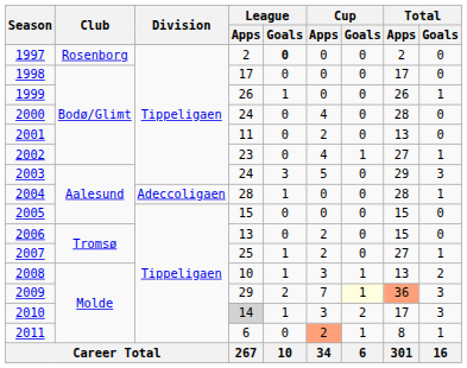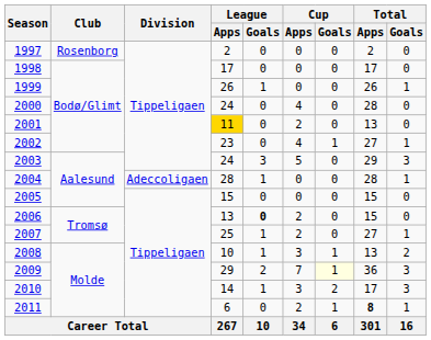 <table class="wikitable" style="text-align: center;">
 <tr>
 <th rowspan="2">Season</th>
 <th rowspan="2">Club</th>
 <th rowspan="2">Division</th>
 <th colspan="2">League</th>
 <th colspan="2">Cup</th>
 <th colspan="2">Total</th>
 </tr>
 <tr>
 <th>Apps</th>
 <th>Goals</th>
 <th>Apps</th>
 <th>Goals</th>
 <th>Apps</th>
 <th>Goals</th>
 </tr>
 <tr>
 <td><a href='#'>1997</a></td>
 <td rowspan="1" valign="center"><a href='#'>Rosenborg</a></td>
 <td rowspan="7" valign="center"><a href='#'>Tippeligaen</a></td>
 <td>2</td>
-<td><strong>0</strong></td>
+<td>0</td>
 <td>0</td>
 <td>0</td>
 <td>2</td>
 <td>0</td>
 </tr>
 <tr>
 <td><a href='#'>1998</a></td>
 <td rowspan="5" valign="center"><a href='#'>Bodø/Glimt</a></td>
 <td>17</td>
 <td>0</td>
 <td>0</td>
 <td>0</td>
 <td>17</td>
 <td>0</td>
 </tr>
 <tr>
 <td><a href='#'>1999</a></td>
 <td>26</td>
 <td>1</td>
 <td>0</td>
 <td>0</td>
 <td>26</td>
 <td>1</td>
 </tr>
 <tr>
 <td><a href='#'>2000</a></td>
 <td>24</td>
 <td>0</td>
 <td>4</td>
 <td>0</td>
 <td>28</td>
 <td>0</td>
 </tr>
 <tr>
 <td><a href='#'>2001</a></td>
-<td>11</td>
+<td style="background: gold;">11</td>
 <td>0</td>
 <td>2</td>
 <td>0</td>
 <td>13</td>
 <td>0</td>
 </tr>
 <tr>
 <td><a href='#'>2002</a></td>
 <td>23</td>
 <td>0</td>
 <td>4</td>
 <td>1</td>
 <td>27</td>
 <td>1</td>
 </tr>
 <tr>
 <td><a href='#'>2003</a></td>
 <td rowspan="3" valign="center"><a href='#'>Aalesund</a></td>
 <td>24</td>
 <td>3</td>
 <td>5</td>
 <td>0</td>
 <td>29</td>
 <td>3</td>
 </tr>
 <tr>
 <td><a href='#'>2004</a></td>
 <td><a href='#'>Adeccoligaen</a></td>
 <td>28</td>
 <td>1</td>
 <td>0</td>
 <td>0</td>
 <td>28</td>
 <td>1</td>
 </tr>
 <tr>
 <td><a href='#'>2005</a></td>
 <td rowspan="7" valign="center"><a href='#'>Tippeligaen</a></td>
 <td>15</td>
 <td>0</td>
 <td>0</td>
 <td>0</td>
 <td>15</td>
 <td>0</td>
 </tr>
 <tr>
 <td><a href='#'>2006</a></td>
 <td rowspan="2" valign="center"><a href='#'>Tromsø</a></td>
 <td>13</td>
-<td>0</td>
+<td><strong>0</strong></td>
 <td>2</td>
 <td>0</td>
 <td>15</td>
 <td>0</td>
 </tr>
 <tr>
 <td><a href='#'>2007</a></td>
 <td>25</td>
 <td>1</td>
 <td>2</td>
 <td>0</td>
 <td>27</td>
 <td>1</td>
 </tr>
 <tr>
 <td><a href='#'>2008</a></td>
 <td rowspan="4" valign="center"><a href='#'>Molde</a></td>
 <td>10</td>
 <td>1</td>
 <td>3</td>
 <td>1</td>
 <td>13</td>
 <td>2</td>
 </tr>
 <tr>
 <td><a href='#'>2009</a></td>
 <td>29</td>
 <td>2</td>
 <td>7</td>
 <td style="background: lightyellow;">1</td>
-<td style="background: lightsalmon;">36</td>
+<td>36</td>
 <td>3</td>
 </tr>
 <tr>
 <td><a href='#'>2010</a></td>
-<td style="background: lightgrey;">14</td>
+<td>14</td>
 <td>1</td>
 <td>3</td>
 <td>2</td>
 <td>17</td>
 <td>3</td>
 </tr>
 <tr>
 <td><a href='#'>2011</a></td>
 <td>6</td>
 <td>0</td>
-<td style="background: lightsalmon;">2</td>
+<td>2</td>
 <td>1</td>
-<td>8</td>
+<td><strong>8</strong></td>
 <td>1</td>
 </tr>
 <tr>
 <th colspan="3">Career Total</th>
 <th>267</th>
 <th>10</th>
 <th>34</th>
 <th>6</th>
 <th>301</th>
 <th>16</th>
 </tr>
 </table>
